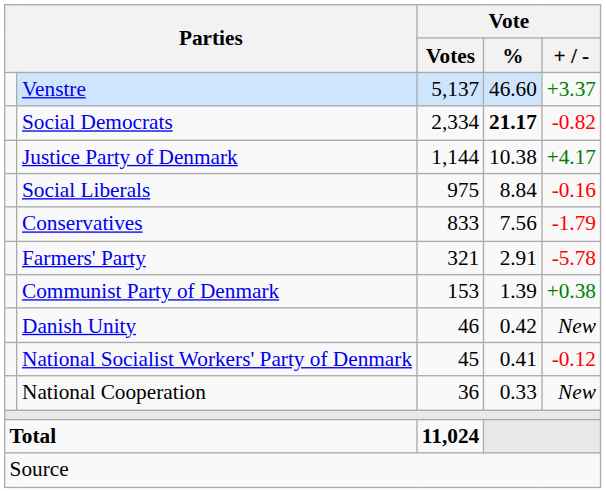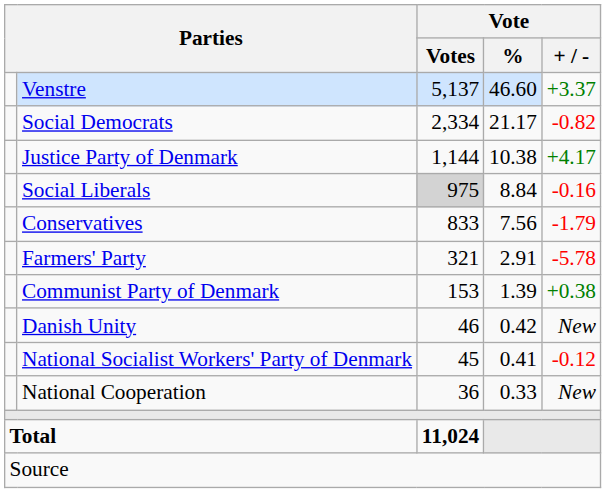 <table class="wikitable" style="text-align:right;">
 <tr>
 <th style="text-align:centre;" rowspan="2" colspan="2" width="225">Parties</th>
 <th colspan="3">Vote</th>
 </tr>
 <tr>
 <th width="15">Votes</th>
 <th width="15">%</th>
 <th width="15">+ / -</th>
 </tr>
 <tr>
 <td width="2" style="color:inherit;background:"></td>
 <td bgcolor=#cfe5fe  align="left"><a href='#'>Venstre</a></td>
 <td bgcolor=#cfe5fe>5,137</td>
 <td bgcolor=#cfe5fe>46.60</td>
 <td style=color:green;>+3.37</td>
 </tr>
 <tr>
 <td width="2" style="color:inherit;background:"></td>
 <td align="left"><a href='#'>Social Democrats</a></td>
 <td>2,334</td>
-<td><strong>21.17</strong></td>
+<td>21.17</td>
 <td style=color:red;>-0.82</td>
 </tr>
 <tr>
 <td width="2" style="color:inherit;background:"></td>
 <td align="left"><a href='#'>Justice Party of Denmark</a></td>
 <td>1,144</td>
 <td>10.38</td>
 <td style=color:green;>+4.17</td>
 </tr>
 <tr>
 <td width="2" style="color:inherit;background:"></td>
 <td align="left"><a href='#'>Social Liberals</a></td>
-<td>975</td>
+<td style="background: lightgrey;">975</td>
 <td>8.84</td>
 <td style=color:red;>-0.16</td>
 </tr>
 <tr>
 <td width="2" style="color:inherit;background:"></td>
 <td align="left"><a href='#'>Conservatives</a></td>
 <td>833</td>
 <td>7.56</td>
 <td style=color:red;>-1.79</td>
 </tr>
 <tr>
 <td width="2" style="color:inherit;background:"></td>
 <td align="left"><a href='#'>Farmers' Party</a></td>
 <td>321</td>
 <td>2.91</td>
 <td style=color:red;>-5.78</td>
 </tr>
 <tr>
 <td width="2" style="color:inherit;background:"></td>
 <td align="left"><a href='#'>Communist Party of Denmark</a></td>
 <td>153</td>
 <td>1.39</td>
 <td style=color:green;>+0.38</td>
 </tr>
 <tr>
 <td width="2" style="color:inherit;background:"></td>
 <td align="left"><a href='#'>Danish Unity</a></td>
 <td>46</td>
 <td>0.42</td>
 <td><em>New</em></td>
 </tr>
 <tr>
 <td width="2" style="color:inherit;background:"></td>
 <td align="left"><a href='#'>National Socialist Workers' Party of Denmark</a></td>
 <td>45</td>
 <td>0.41</td>
 <td style=color:red;>-0.12</td>
 </tr>
 <tr>
 <td width="2" style="color:inherit;background:"></td>
 <td align="left">National Cooperation</td>
 <td>36</td>
 <td>0.33</td>
 <td><em>New</em></td>
 </tr>
 <tr>
 <td colspan="7" bgcolor="#E9E9E9"></td>
 </tr>
 <tr>
 <td align="left" colspan="2"><strong>Total</strong></td>
 <td><strong>11,024</strong></td>
 <td bgcolor="#E9E9E9" colspan="2"></td>
 </tr>
 <tr>
 <td align="left" colspan="6">Source</td>
 </tr>
 </table>
